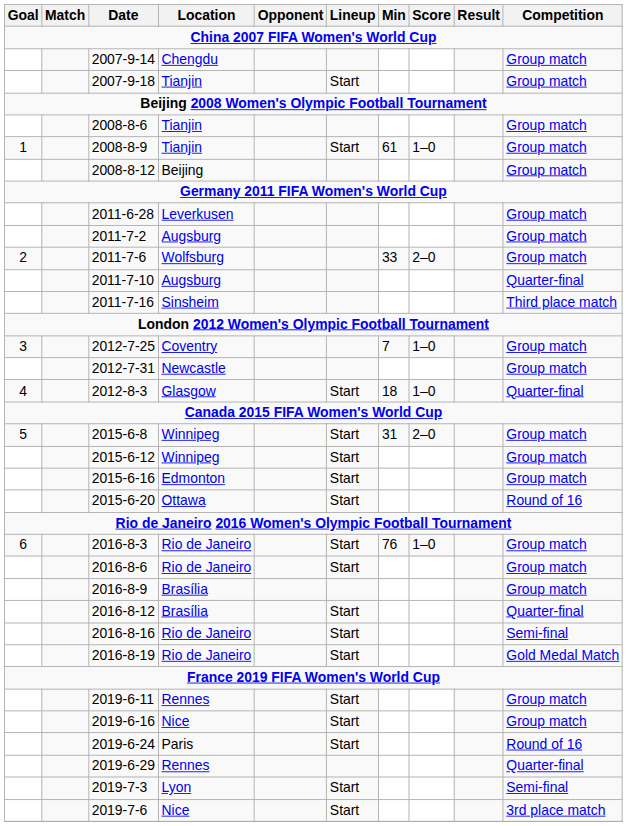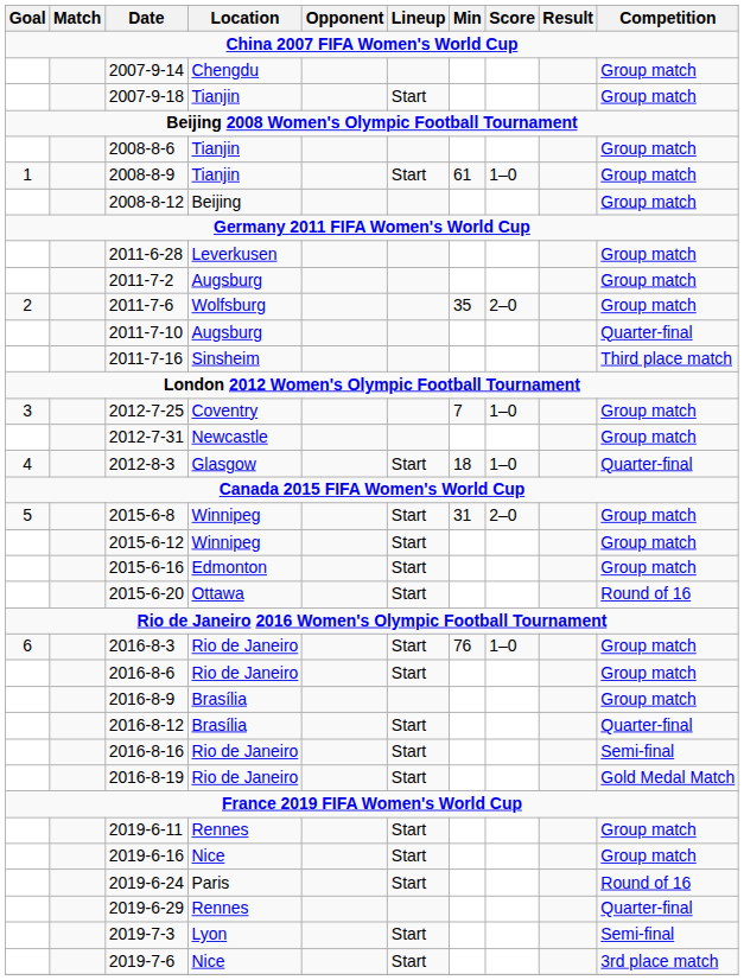 <table class="wikitable collapsible" style="fontsize:90%;">
 <tr>
 <th>Goal</th>
 <th>Match</th>
 <th>Date</th>
 <th>Location</th>
 <th>Opponent</th>
 <th>Lineup</th>
 <th>Min</th>
 <th>Score</th>
 <th>Result</th>
 <th>Competition</th>
 </tr>
 <tr>
 <td colspan=10 align=center > <strong><a href='#'>China 2007 FIFA Women's World Cup</a></strong></td>
 </tr>
 <tr>
 <td style="background:white;"></td>
 <td></td>
 <td>2007-9-14</td>
 <td><a href='#'>Chengdu</a></td>
 <td></td>
 <td></td>
 <td style="background:white;"></td>
 <td style="background:white;"></td>
 <td></td>
 <td><a href='#'>Group match</a></td>
 </tr>
 <tr>
 <td style="background:white;"></td>
 <td></td>
 <td>2007-9-18</td>
 <td><a href='#'>Tianjin</a></td>
 <td></td>
 <td>Start</td>
 <td style="background:white;"></td>
 <td style="background:white;"></td>
 <td></td>
 <td><a href='#'>Group match</a></td>
 </tr>
 <tr>
 <td colspan=10 align=center ><strong>Beijing <a href='#'>2008 Women's Olympic Football Tournament</a></strong></td>
 </tr>
 <tr>
 <td style="background:white;"></td>
 <td></td>
 <td>2008-8-6</td>
 <td><a href='#'>Tianjin</a></td>
 <td></td>
 <td></td>
 <td style="background:white;"></td>
 <td style="background:white;"></td>
 <td></td>
 <td><a href='#'>Group match</a></td>
 </tr>
 <tr>
 <td align=center>1</td>
 <td></td>
 <td>2008-8-9</td>
 <td><a href='#'>Tianjin</a></td>
 <td></td>
 <td>Start</td>
 <td>61</td>
 <td>1–0</td>
 <td></td>
 <td><a href='#'>Group match</a></td>
 </tr>
 <tr>
 <td style="background:white;"></td>
 <td></td>
 <td>2008-8-12</td>
 <td>Beijing</td>
 <td></td>
 <td></td>
 <td style="background:white;"></td>
 <td style="background:white;"></td>
 <td></td>
 <td><a href='#'>Group match</a></td>
 </tr>
 <tr>
 <td colspan=10 align=center > <strong><a href='#'>Germany 2011 FIFA Women's World Cup</a></strong></td>
 </tr>
 <tr>
 <td style="background:white;"></td>
 <td></td>
 <td>2011-6-28</td>
 <td><a href='#'>Leverkusen</a></td>
 <td></td>
 <td></td>
 <td style="background:white;"></td>
 <td style="background:white;"></td>
 <td></td>
 <td><a href='#'>Group match</a></td>
 </tr>
 <tr>
 <td style="background:white;"></td>
 <td></td>
 <td>2011-7-2</td>
 <td><a href='#'>Augsburg</a></td>
 <td></td>
 <td></td>
 <td style="background:white;"></td>
 <td style="background:white;"></td>
 <td></td>
 <td><a href='#'>Group match</a></td>
 </tr>
 <tr>
 <td align=center>2</td>
 <td></td>
 <td>2011-7-6</td>
 <td><a href='#'>Wolfsburg</a></td>
 <td></td>
 <td></td>
-<td>33</td>
+<td>35</td>
 <td>2–0</td>
 <td></td>
 <td><a href='#'>Group match</a></td>
 </tr>
 <tr>
 <td style="background:white;"></td>
 <td></td>
 <td>2011-7-10</td>
 <td><a href='#'>Augsburg</a></td>
 <td></td>
 <td></td>
 <td style="background:white;"></td>
 <td style="background:white;"></td>
 <td></td>
 <td><a href='#'>Quarter-final</a></td>
 </tr>
 <tr>
 <td style="background:white;"></td>
 <td></td>
 <td>2011-7-16</td>
 <td><a href='#'>Sinsheim</a></td>
 <td></td>
 <td></td>
 <td style="background:white;"></td>
 <td style="background:white;"></td>
 <td></td>
 <td><a href='#'>Third place match</a></td>
 </tr>
 <tr>
 <td colspan=10 align=center ><strong>London <a href='#'>2012 Women's Olympic Football Tournament</a></strong></td>
 </tr>
 <tr>
 <td align=center>3</td>
 <td></td>
 <td>2012-7-25</td>
 <td><a href='#'>Coventry</a></td>
 <td></td>
 <td></td>
 <td>7</td>
 <td>1–0</td>
 <td></td>
 <td><a href='#'>Group match</a></td>
 </tr>
 <tr>
 <td style="background:white;"></td>
 <td></td>
 <td>2012-7-31</td>
 <td><a href='#'>Newcastle</a></td>
 <td></td>
 <td></td>
 <td style="background:white;"></td>
 <td style="background:white;"></td>
 <td></td>
 <td><a href='#'>Group match</a></td>
 </tr>
 <tr>
 <td align=center>4</td>
 <td></td>
 <td>2012-8-3</td>
 <td><a href='#'>Glasgow</a></td>
 <td></td>
 <td>Start</td>
 <td>18</td>
 <td>1–0</td>
 <td></td>
 <td><a href='#'>Quarter-final</a></td>
 </tr>
 <tr>
 <td colspan=10 align=center > <strong><a href='#'>Canada 2015 FIFA Women's World Cup</a></strong></td>
 </tr>
 <tr>
 <td align=center>5</td>
 <td></td>
 <td>2015-6-8</td>
 <td><a href='#'>Winnipeg</a></td>
 <td></td>
 <td>Start</td>
 <td>31</td>
 <td>2–0</td>
 <td></td>
 <td><a href='#'>Group match</a></td>
 </tr>
 <tr>
 <td style="background:white;"></td>
 <td></td>
 <td>2015-6-12</td>
 <td><a href='#'>Winnipeg</a></td>
 <td></td>
 <td>Start</td>
 <td style="background:white;"></td>
 <td style="background:white;"></td>
 <td></td>
 <td><a href='#'>Group match</a></td>
 </tr>
 <tr>
 <td style="background:white;"></td>
 <td></td>
 <td>2015-6-16</td>
 <td><a href='#'>Edmonton</a></td>
 <td></td>
 <td>Start</td>
 <td style="background:white;"></td>
 <td style="background:white;"></td>
 <td></td>
 <td><a href='#'>Group match</a></td>
 </tr>
 <tr>
 <td style="background:white;"></td>
 <td></td>
 <td>2015-6-20</td>
 <td><a href='#'>Ottawa</a></td>
 <td></td>
 <td>Start</td>
 <td style="background:white;"></td>
 <td style="background:white;"></td>
 <td></td>
 <td><a href='#'>Round of 16</a></td>
 </tr>
 <tr>
 <td colspan=10 align=center ><strong><a href='#'>Rio de Janeiro</a> <a href='#'>2016 Women's Olympic Football Tournament</a></strong></td>
 </tr>
 <tr>
 <td align=center>6</td>
 <td></td>
 <td>2016-8-3</td>
 <td><a href='#'>Rio de Janeiro</a></td>
 <td></td>
 <td>Start</td>
 <td>76</td>
 <td>1–0</td>
 <td></td>
 <td><a href='#'>Group match</a></td>
 </tr>
 <tr>
 <td style="background:white;"></td>
 <td></td>
 <td>2016-8-6</td>
 <td><a href='#'>Rio de Janeiro</a></td>
 <td></td>
 <td>Start</td>
 <td style="background:white;"></td>
 <td style="background:white;"></td>
 <td></td>
 <td><a href='#'>Group match</a></td>
 </tr>
 <tr>
 <td style="background:white;"></td>
 <td></td>
 <td>2016-8-9</td>
 <td><a href='#'>Brasília</a></td>
 <td></td>
 <td></td>
 <td style="background:white;"></td>
 <td style="background:white;"></td>
 <td></td>
 <td><a href='#'>Group match</a></td>
 </tr>
 <tr>
 <td style="background:white;"></td>
 <td></td>
 <td>2016-8-12</td>
 <td><a href='#'>Brasília</a></td>
 <td></td>
 <td>Start</td>
 <td style="background:white;"></td>
 <td style="background:white;"></td>
 <td></td>
 <td><a href='#'>Quarter-final</a></td>
 </tr>
 <tr>
 <td style="background:white;"></td>
 <td></td>
 <td>2016-8-16</td>
 <td><a href='#'>Rio de Janeiro</a></td>
 <td></td>
 <td>Start</td>
 <td style="background:white;"></td>
 <td style="background:white;"></td>
 <td></td>
 <td><a href='#'>Semi-final</a></td>
 </tr>
 <tr>
 <td style="background:white;"></td>
 <td></td>
 <td>2016-8-19</td>
 <td><a href='#'>Rio de Janeiro</a></td>
 <td></td>
 <td>Start</td>
 <td style="background:white;"></td>
 <td style="background:white;"></td>
 <td></td>
 <td><a href='#'>Gold Medal Match</a></td>
 </tr>
 <tr>
 <td colspan=10 align=center > <strong><a href='#'>France 2019 FIFA Women's World Cup</a></strong></td>
 </tr>
 <tr>
 <td style="background:white;"></td>
 <td></td>
 <td>2019-6-11</td>
 <td><a href='#'>Rennes</a></td>
 <td></td>
 <td>Start</td>
 <td style="background:white;"></td>
 <td style="background:white;"></td>
 <td></td>
 <td><a href='#'>Group match</a></td>
 </tr>
 <tr>
 <td style="background:white;"></td>
 <td></td>
 <td>2019-6-16</td>
 <td><a href='#'>Nice</a></td>
 <td></td>
 <td>Start</td>
 <td style="background:white;"></td>
 <td style="background:white;"></td>
 <td></td>
 <td><a href='#'>Group match</a></td>
 </tr>
 <tr>
 <td style="background:white;"></td>
 <td></td>
 <td>2019-6-24</td>
 <td>Paris</td>
 <td></td>
 <td>Start</td>
 <td style="background:white;"></td>
 <td style="background:white;"></td>
 <td></td>
 <td><a href='#'>Round of 16</a></td>
 </tr>
 <tr>
 <td style="background:white;"></td>
 <td></td>
 <td>2019-6-29</td>
 <td><a href='#'>Rennes</a></td>
 <td></td>
 <td></td>
 <td style="background:white;"></td>
 <td style="background:white;"></td>
 <td></td>
 <td><a href='#'>Quarter-final</a></td>
 </tr>
 <tr>
 <td style="background:white;"></td>
 <td></td>
 <td>2019-7-3</td>
 <td><a href='#'>Lyon</a></td>
 <td></td>
 <td>Start</td>
 <td style="background:white;"></td>
 <td style="background:white;"></td>
 <td></td>
 <td><a href='#'>Semi-final</a></td>
 </tr>
 <tr>
 <td style="background:white;"></td>
 <td></td>
 <td>2019-7-6</td>
 <td><a href='#'>Nice</a></td>
 <td></td>
 <td>Start</td>
 <td style="background:white;"></td>
 <td style="background:white;"></td>
 <td></td>
 <td><a href='#'>3rd place match</a></td>
 </tr>
 <tr>
 </tr>
 </table>
